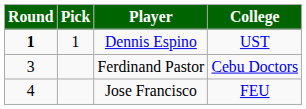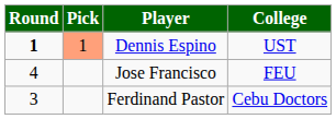 <table class="wikitable sortable sortable">
 <tr>
 <th style="background:#006401; color:#FFFFFF; ">Round</th>
 <th style="background:#006401; color:#FFFFFF; ">Pick</th>
 <th style="background:#006401; color:#FFFFFF; ">Player</th>
 <th style="background:#006401; color:#FFFFFF; ">College</th>
 </tr>
 <tr style="text-align: center">
 <td align="center"><strong>1</strong></td>
-<td align="center">1</td>
+<td align="center" style="background: lightsalmon;">1</td>
 <td><a href='#'>Dennis Espino</a></td>
 <td><a href='#'>UST</a></td>
+</tr>
+<tr style="text-align: center">
+<td align="center">4</td>
+<td align="center"></td>
+<td>Jose Francisco</td>
+<td><a href='#'>FEU</a></td>
 </tr>
 <tr style="text-align: center">
 <td align="center">3</td>
 <td align="center"></td>
 <td>Ferdinand Pastor</td>
 <td><a href='#'>Cebu Doctors</a></td>
 </tr>
-<tr style="text-align: center">
-<td align="center">4</td>
-<td align="center"></td>
-<td>Jose Francisco</td>
-<td><a href='#'>FEU</a></td>
-</tr>
 </table>
